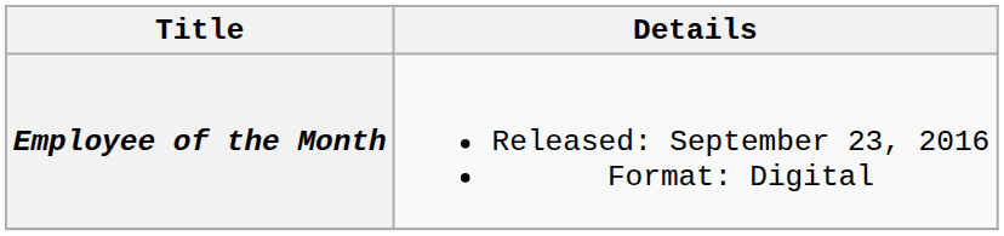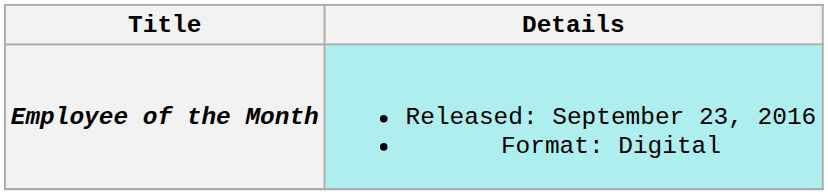 <table class="wikitable plainrowheaders" style="text-align:center;">
 <tr>
 <th scope="col">Title</th>
 <th scope="col">Details</th>
 </tr>
 <tr>
 <th scope="row"><em>Employee of the Month</em></th>
-<td><br><ul><li>Released: September 23, 2016</li><li>Format: Digital</li></ul></td>
+<td style="background: paleturquoise;"><br><ul><li>Released: September 23, 2016</li><li>Format: Digital</li></ul></td>
 </tr>
 <tr>
 </tr>
 </table>
